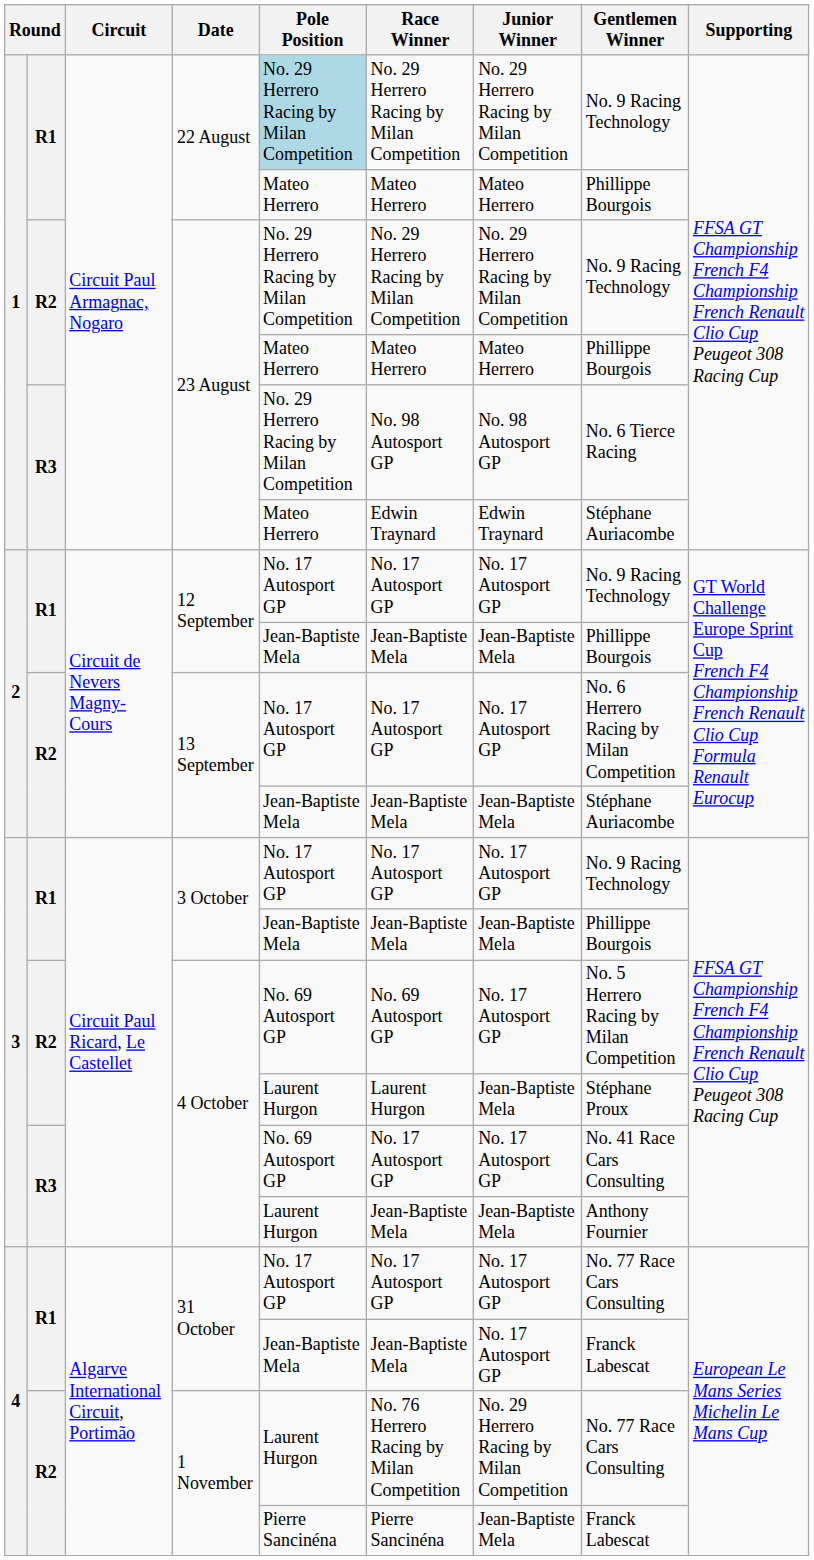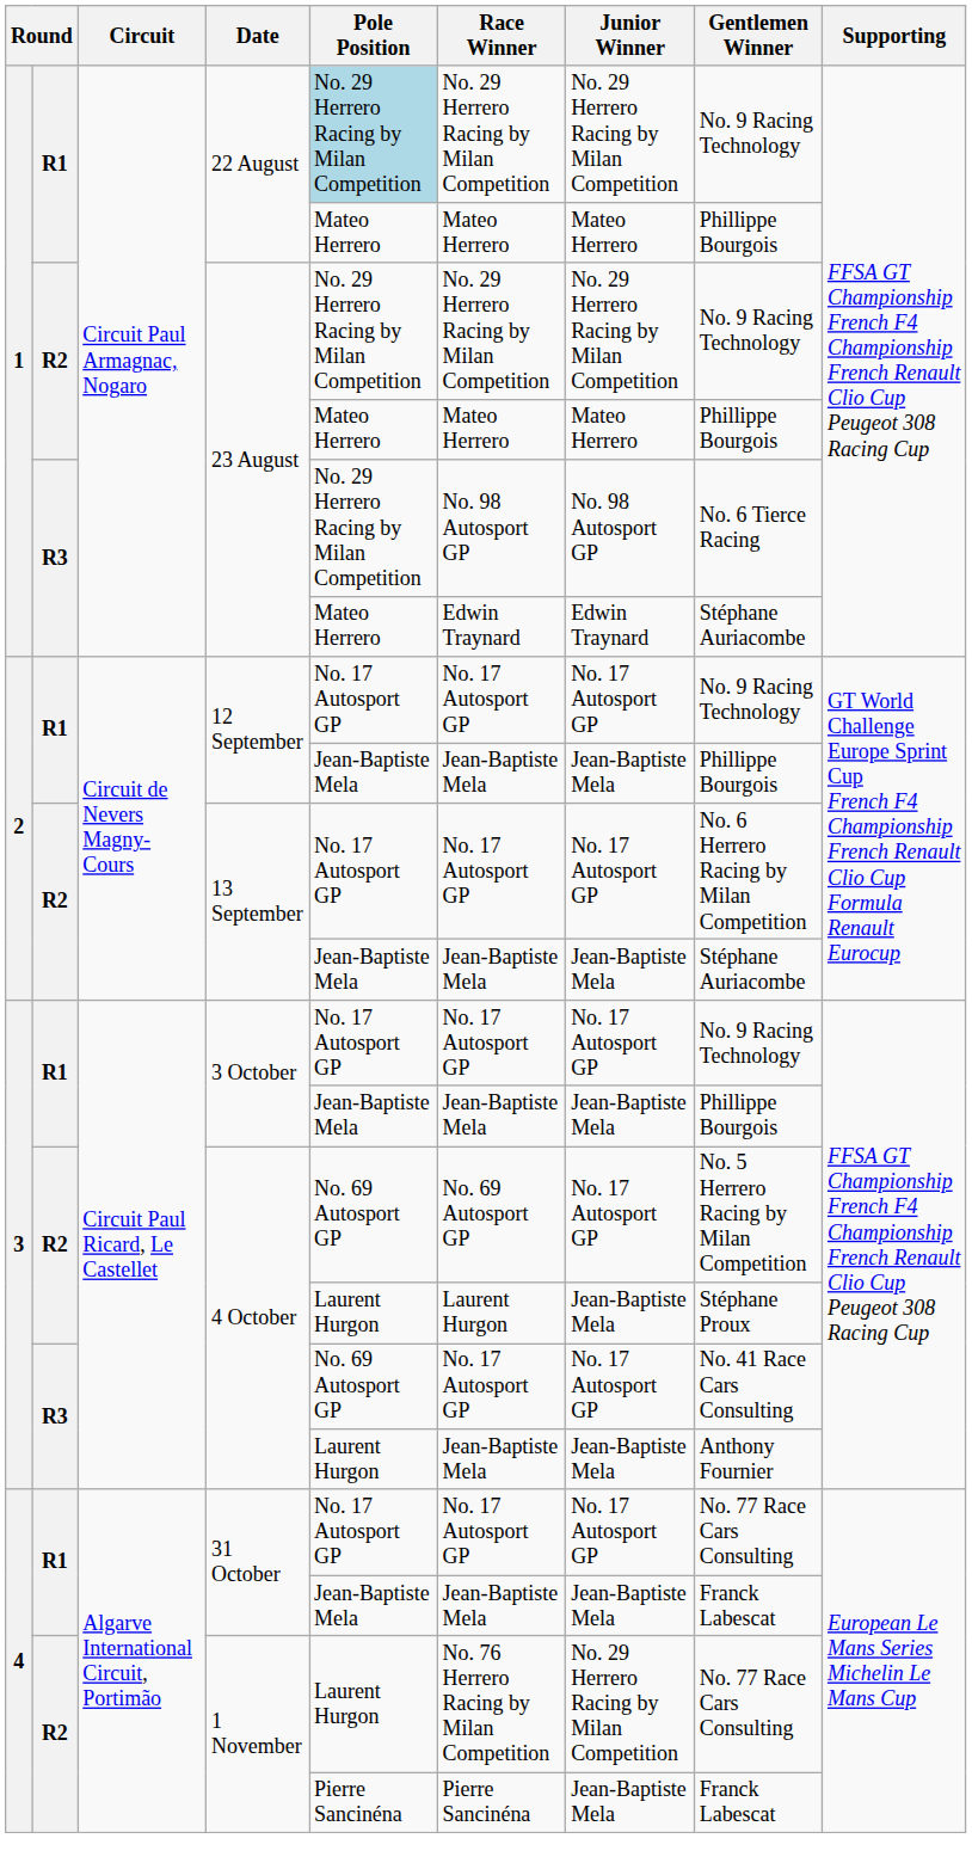 <table class="wikitable" style="font-size: 85%;">
 <tr>
 <th colspan="2">Round</th>
 <th>Circuit</th>
 <th>Date</th>
 <th>Pole Position</th>
 <th>Race Winner</th>
 <th>Junior Winner</th>
 <th>Gentlemen Winner</th>
 <th>Supporting</th>
 </tr>
 <tr>
 <th rowspan="6">1</th>
 <th rowspan="2">R1</th>
 <td rowspan="6"> <a href='#'>Circuit Paul Armagnac, Nogaro</a></td>
 <td rowspan="2">22 August</td>
 <td style="background: lightblue;"> No. 29 Herrero Racing by Milan Competition</td>
 <td> No. 29 Herrero Racing by Milan Competition</td>
 <td> No. 29 Herrero Racing by Milan Competition</td>
 <td> No. 9 Racing Technology</td>
 <td rowspan="6"><em><a href='#'>FFSA GT Championship</a></em><br><em><a href='#'>French F4 Championship</a></em><br><a href='#'><em>French Renault Clio Cup</em></a><br><em>Peugeot 308 Racing Cup</em></td>
 </tr>
 <tr>
 <td> Mateo Herrero</td>
 <td> Mateo Herrero</td>
 <td> Mateo Herrero</td>
 <td> Phillippe Bourgois</td>
 </tr>
 <tr>
 <th rowspan="2">R2</th>
 <td rowspan="4">23 August</td>
 <td> No. 29 Herrero Racing by Milan Competition</td>
 <td> No. 29 Herrero Racing by Milan Competition</td>
 <td> No. 29 Herrero Racing by Milan Competition</td>
 <td> No. 9 Racing Technology</td>
 </tr>
 <tr>
 <td> Mateo Herrero</td>
 <td> Mateo Herrero</td>
 <td> Mateo Herrero</td>
 <td> Phillippe Bourgois</td>
 </tr>
 <tr>
 <th rowspan="2">R3</th>
 <td> No. 29 Herrero Racing by Milan Competition</td>
 <td> No. 98 Autosport GP</td>
 <td> No. 98 Autosport GP</td>
 <td> No. 6 Tierce Racing</td>
 </tr>
 <tr>
 <td> Mateo Herrero</td>
 <td> Edwin Traynard</td>
 <td> Edwin Traynard</td>
 <td> Stéphane Auriacombe</td>
 </tr>
 <tr>
 <th rowspan="4">2</th>
 <th rowspan="2">R1</th>
 <td rowspan="4"> <a href='#'>Circuit de Nevers Magny-Cours</a></td>
 <td rowspan="2">12 September</td>
 <td> No. 17 Autosport GP</td>
 <td> No. 17 Autosport GP</td>
 <td> No. 17 Autosport GP</td>
 <td> No. 9 Racing Technology</td>
 <td rowspan="4"><a href='#'>GT World Challenge Europe Sprint Cup</a><em><br><a href='#'>French F4 Championship</a><br><a href='#'>French Renault Clio Cup</a><br><a href='#'>Formula Renault Eurocup</a></em></td>
 </tr>
 <tr>
 <td> Jean-Baptiste Mela</td>
 <td> Jean-Baptiste Mela</td>
 <td> Jean-Baptiste Mela</td>
 <td> Phillippe Bourgois</td>
 </tr>
 <tr>
 <th rowspan="2">R2</th>
 <td rowspan="2">13 September</td>
 <td> No. 17 Autosport GP</td>
 <td> No. 17 Autosport GP</td>
 <td> No. 17 Autosport GP</td>
 <td> No. 6 Herrero Racing by Milan Competition</td>
 </tr>
 <tr>
 <td> Jean-Baptiste Mela</td>
 <td> Jean-Baptiste Mela</td>
 <td> Jean-Baptiste Mela</td>
 <td> Stéphane Auriacombe</td>
 </tr>
 <tr>
 <th rowspan="6">3</th>
 <th rowspan="2">R1</th>
 <td rowspan="6"> <a href='#'>Circuit Paul Ricard</a>, <a href='#'>Le Castellet</a></td>
 <td rowspan="2">3 October</td>
 <td> No. 17 Autosport GP</td>
 <td> No. 17 Autosport GP</td>
 <td> No. 17 Autosport GP</td>
 <td> No. 9 Racing Technology</td>
 <td rowspan="6"><em><a href='#'>FFSA GT Championship</a></em><br><em><a href='#'>French F4 Championship</a></em><br><a href='#'><em>French Renault Clio Cup</em></a><br><em>Peugeot 308 Racing Cup</em></td>
 </tr>
 <tr>
 <td> Jean-Baptiste Mela</td>
 <td> Jean-Baptiste Mela</td>
 <td> Jean-Baptiste Mela</td>
 <td> Phillippe Bourgois</td>
 </tr>
 <tr>
 <th rowspan="2">R2</th>
 <td rowspan="4">4 October</td>
 <td> No. 69 Autosport GP</td>
 <td> No. 69 Autosport GP</td>
 <td> No. 17 Autosport GP</td>
 <td> No. 5 Herrero Racing by Milan Competition</td>
 </tr>
 <tr>
 <td> Laurent Hurgon</td>
 <td> Laurent Hurgon</td>
 <td> Jean-Baptiste Mela</td>
 <td> Stéphane Proux</td>
 </tr>
 <tr>
 <th rowspan="2">R3</th>
 <td> No. 69 Autosport GP</td>
 <td> No. 17 Autosport GP</td>
 <td> No. 17 Autosport GP</td>
 <td> No. 41 Race Cars Consulting</td>
 </tr>
 <tr>
 <td> Laurent Hurgon</td>
 <td> Jean-Baptiste Mela</td>
 <td> Jean-Baptiste Mela</td>
 <td> Anthony Fournier</td>
 </tr>
 <tr>
 <th rowspan="4">4</th>
 <th rowspan="2">R1</th>
 <td rowspan="4"> <a href='#'>Algarve International Circuit</a>, <a href='#'>Portimão</a></td>
 <td rowspan="2">31 October</td>
 <td> No. 17 Autosport GP</td>
 <td> No. 17 Autosport GP</td>
 <td> No. 17 Autosport GP</td>
 <td> No. 77 Race Cars Consulting</td>
 <td rowspan="4"><em><a href='#'>European Le Mans Series</a></em><br><em><a href='#'>Michelin Le Mans Cup</a></em></td>
 </tr>
 <tr>
 <td> Jean-Baptiste Mela</td>
 <td> Jean-Baptiste Mela</td>
-<td> No. 17 Autosport GP</td>
+<td> Jean-Baptiste Mela</td>
 <td> Franck Labescat</td>
 </tr>
 <tr>
 <th rowspan="2">R2</th>
 <td rowspan="2">1 November</td>
 <td> Laurent Hurgon</td>
 <td> No. 76 Herrero Racing by Milan Competition</td>
 <td> No. 29 Herrero Racing by Milan Competition</td>
 <td> No. 77 Race Cars Consulting</td>
 </tr>
 <tr>
 <td> Pierre Sancinéna</td>
 <td> Pierre Sancinéna</td>
 <td> Jean-Baptiste Mela</td>
 <td> Franck Labescat</td>
 </tr>
 </table>
